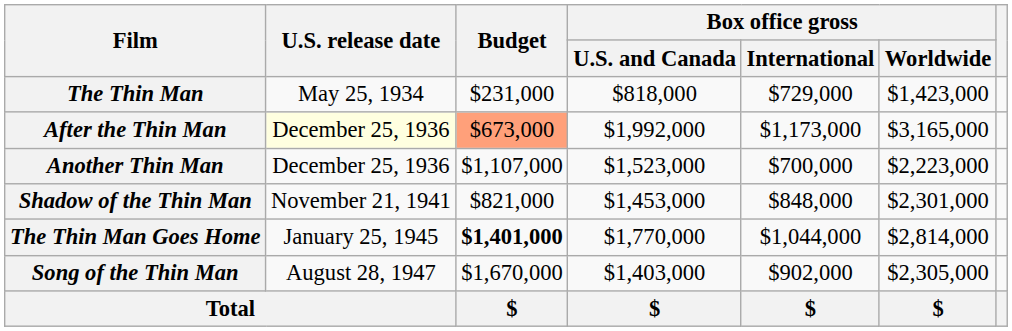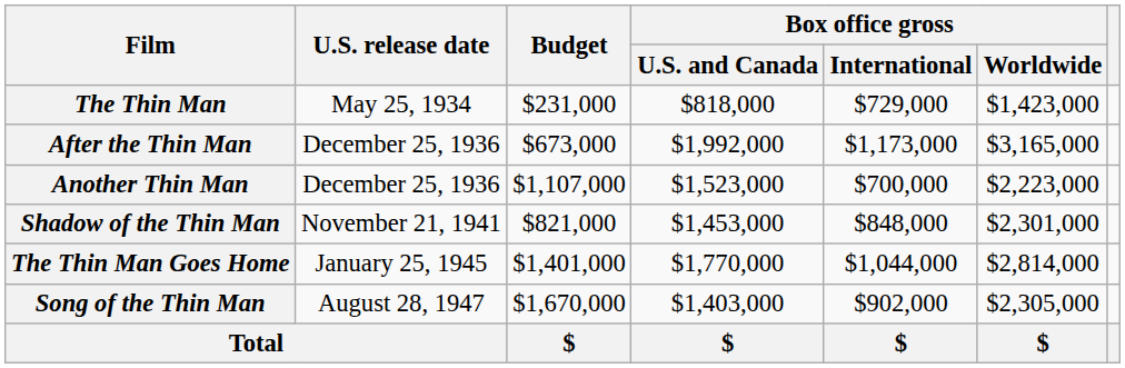 <table class="wikitable sortable plainrowheaders" style="text-align:center;">
 <tr>
 <th scope="col" rowspan="2">Film</th>
 <th scope="col" rowspan="2">U.S. release date</th>
 <th rowspan="2">Budget</th>
 <th colspan="3">Box office gross</th>
 <th scope="col" rowspan="2" class=unsortable></th>
 </tr>
 <tr>
 <th>U.S. and Canada</th>
 <th>International</th>
 <th>Worldwide</th>
 </tr>
 <tr>
 <th scope="row"><em>The Thin Man</em></th>
 <td>May 25, 1934</td>
 <td>$231,000</td>
 <td>$818,000</td>
 <td>$729,000</td>
 <td>$1,423,000</td>
 <td></td>
 </tr>
 <tr>
 <th scope="row"><em>After the Thin Man</em></th>
-<td style="background: lightyellow;">December 25, 1936</td>
-<td style="background: lightsalmon;">$673,000</td>
+<td>December 25, 1936</td>
+<td>$673,000</td>
 <td>$1,992,000</td>
 <td>$1,173,000</td>
 <td>$3,165,000</td>
 <td></td>
 </tr>
 <tr>
 <th scope="row"><em>Another Thin Man</em></th>
 <td>December 25, 1936</td>
 <td>$1,107,000</td>
 <td>$1,523,000</td>
 <td>$700,000</td>
 <td>$2,223,000</td>
 <td></td>
 </tr>
 <tr>
 <th scope="row"><em>Shadow of the Thin Man</em></th>
 <td>November 21, 1941</td>
 <td>$821,000</td>
 <td>$1,453,000</td>
 <td>$848,000</td>
 <td>$2,301,000</td>
 <td></td>
 </tr>
 <tr>
 <th scope="row"><em>The Thin Man Goes Home</em></th>
 <td>January 25, 1945</td>
-<td><strong>$1,401,000</strong></td>
+<td>$1,401,000</td>
 <td>$1,770,000</td>
 <td>$1,044,000</td>
 <td>$2,814,000</td>
 <td></td>
 </tr>
 <tr>
 <th scope="row"><em>Song of the Thin Man</em></th>
 <td>August 28, 1947</td>
 <td>$1,670,000</td>
 <td>$1,403,000</td>
 <td>$902,000</td>
 <td>$2,305,000</td>
 <td></td>
 </tr>
 <tr>
 <th colspan="2">Total</th>
 <th>$</th>
 <th>$</th>
 <th>$</th>
 <th>$</th>
 <th></th>
 </tr>
 </table>
